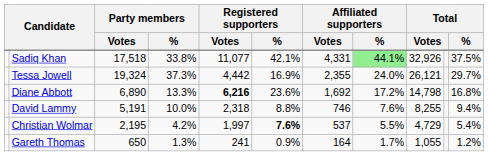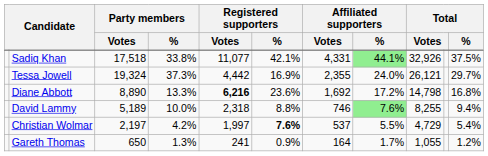 <table class="wikitable">
 <tr>
 <th colspan="2" scope="col" rowspan="2" width="125">Candidate</th>
 <th scope="col" colspan="2" width="150">Party members</th>
 <th scope="col" colspan="2" width="150">Registered supporters</th>
 <th scope="col" colspan="2" width="150">Affiliated supporters</th>
 <th scope="col" colspan="3" width="75">Total</th>
 </tr>
 <tr style="border-bottom: 2px solid gray;">
 <th>Votes</th>
 <th>%</th>
 <th>Votes</th>
 <th>%</th>
 <th>Votes</th>
 <th>%</th>
 <th scope="col" colspan="2">Votes</th>
 <th>%</th>
 </tr>
 <tr align="right">
 <td style="background-color: "></td>
 <td scope="row" align="left"><a href='#'>Sadiq Khan</a></td>
 <td>17,518</td>
 <td>33.8%</td>
 <td>11,077</td>
 <td>42.1%</td>
 <td>4,331</td>
 <td style="background: lightgreen;">44.1%</td>
 <td>32,926</td>
 <td align=center></td>
 <td>37.5%</td>
 </tr>
 <tr align="right">
 <td style="background-color: "></td>
 <td scope="row" align="left"><a href='#'>Tessa Jowell</a></td>
 <td>19,324</td>
 <td>37.3%</td>
 <td>4,442</td>
 <td>16.9%</td>
 <td>2,355</td>
 <td>24.0%</td>
 <td>26,121</td>
 <td align=center></td>
 <td>29.7%</td>
 </tr>
 <tr align="right">
 <td style="background-color: "></td>
 <td scope="row" align="left"><a href='#'>Diane Abbott</a></td>
-<td>6,890</td>
+<td>8,890</td>
 <td>13.3%</td>
 <td><strong>6,216</strong></td>
 <td>23.6%</td>
 <td>1,692</td>
 <td>17.2%</td>
 <td>14,798</td>
 <td align=center></td>
 <td>16.8%</td>
 </tr>
 <tr align="right">
 <td style="background-color: "></td>
 <td scope="row" align="left"><a href='#'>David Lammy</a></td>
-<td>5,191</td>
+<td>5,189</td>
 <td>10.0%</td>
 <td>2,318</td>
 <td>8.8%</td>
 <td>746</td>
-<td>7.6%</td>
+<td style="background: lightgreen;">7.6%</td>
 <td>8,255</td>
 <td align=center></td>
 <td>9.4%</td>
 </tr>
 <tr align="right">
 <td style="background-color: "></td>
 <td scope="row" align="left"><a href='#'>Christian Wolmar</a></td>
-<td>2,195</td>
+<td>2,197</td>
 <td>4.2%</td>
 <td>1,997</td>
 <td><strong>7.6%</strong></td>
 <td>537</td>
 <td>5.5%</td>
 <td>4,729</td>
 <td align=center></td>
 <td>5.4%</td>
 </tr>
 <tr align="right">
 <td style="background-color: "></td>
 <td scope="row" align="left"><a href='#'>Gareth Thomas</a></td>
 <td>650</td>
 <td>1.3%</td>
 <td>241</td>
 <td>0.9%</td>
 <td>164</td>
 <td>1.7%</td>
 <td>1,055</td>
 <td align=center></td>
 <td>1.2%</td>
 </tr>
 </table>
